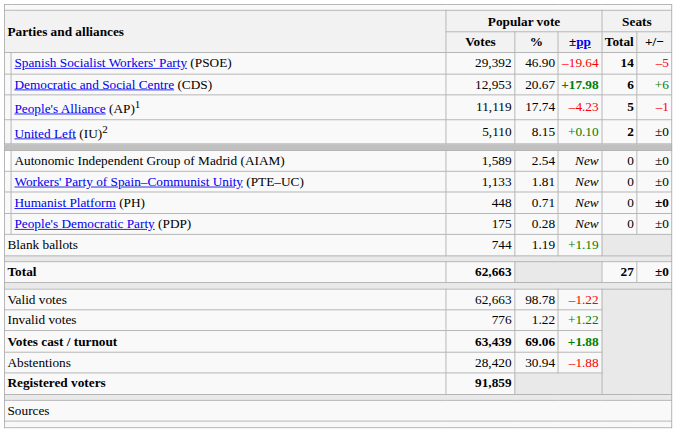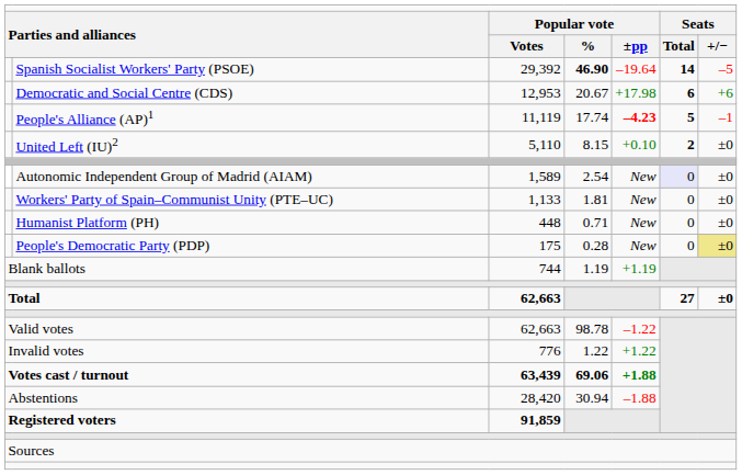 <table class="wikitable" style="text-align:right;">
 <tr>
 <td colspan="7"></td>
 </tr>
 <tr>
 <th style="text-align:left;" rowspan="2" colspan="2" width="525">Parties and alliances</th>
 <th colspan="3">Popular vote</th>
 <th colspan="2">Seats</th>
 </tr>
 <tr>
 <th width="75">Votes</th>
 <th width="45">%</th>
 <th width="45">±<a href='#'>pp</a></th>
 <th width="35">Total</th>
 <th width="35">+/−</th>
 </tr>
 <tr>
 <td width="1" style="color:inherit;background:"></td>
 <td align="left"><a href='#'>Spanish Socialist Workers' Party</a> (PSOE)</td>
 <td>29,392</td>
-<td>46.90</td>
+<td><strong>46.90</strong></td>
 <td style="color:red;">–19.64</td>
 <td><strong>14</strong></td>
 <td style="color:red;">–5</td>
 </tr>
 <tr>
 <td style="color:inherit;background:"></td>
 <td align="left"><a href='#'>Democratic and Social Centre</a> (CDS)</td>
 <td>12,953</td>
 <td>20.67</td>
-<td style="color:green;"><strong>+17.98</strong></td>
+<td style="color:green;">+17.98</td>
 <td><strong>6</strong></td>
 <td style="color:green;">+6</td>
 </tr>
 <tr>
 <td style="color:inherit;background:"></td>
 <td align="left"><a href='#'>People's Alliance</a> (AP)<sup>1</sup></td>
 <td>11,119</td>
 <td>17.74</td>
-<td style="color:red;">–4.23</td>
+<td style="color:red;"><strong>–4.23</strong></td>
 <td><strong>5</strong></td>
 <td style="color:red;">–1</td>
 </tr>
 <tr>
 <td style="color:inherit;background:"></td>
 <td align="left"><a href='#'>United Left</a> (IU)<sup>2</sup></td>
 <td>5,110</td>
 <td>8.15</td>
 <td style="color:green;">+0.10</td>
 <td><strong>2</strong></td>
 <td>±0</td>
 </tr>
 <tr>
 <td colspan="7" bgcolor="#C0C0C0"></td>
 </tr>
 <tr>
 <td bgcolor="white"></td>
 <td align="left">Autonomic Independent Group of Madrid (AIAM)</td>
 <td>1,589</td>
 <td>2.54</td>
 <td><em>New</em></td>
-<td>0</td>
+<td style="background: lavender;">0</td>
 <td>±0</td>
 </tr>
 <tr>
 <td style="color:inherit;background:"></td>
 <td align="left"><a href='#'>Workers' Party of Spain–Communist Unity</a> (PTE–UC)</td>
 <td>1,133</td>
 <td>1.81</td>
 <td><em>New</em></td>
 <td>0</td>
 <td>±0</td>
 </tr>
 <tr>
 <td style="color:inherit;background:"></td>
 <td align="left"><a href='#'>Humanist Platform</a> (PH)</td>
 <td>448</td>
 <td>0.71</td>
 <td><em>New</em></td>
 <td>0</td>
-<td><strong>±0</strong></td>
+<td>±0</td>
 </tr>
 <tr>
 <td style="color:inherit;background:"></td>
 <td align="left"><a href='#'>People's Democratic Party</a> (PDP)</td>
 <td>175</td>
 <td>0.28</td>
 <td><em>New</em></td>
 <td>0</td>
-<td>±0</td>
+<td style="background: khaki;">±0</td>
 </tr>
 <tr>
 <td align="left" colspan="2">Blank ballots</td>
 <td>744</td>
 <td>1.19</td>
 <td style="color:green;">+1.19</td>
 <td bgcolor="#E9E9E9" colspan="2"></td>
 </tr>
 <tr>
 <td colspan="7" bgcolor="#E9E9E9"></td>
 </tr>
 <tr style="font-weight:bold;">
 <td align="left" colspan="2">Total</td>
 <td>62,663</td>
 <td bgcolor="#E9E9E9" colspan="2"></td>
 <td>27</td>
 <td>±0</td>
 </tr>
 <tr>
 <td colspan="7" bgcolor="#E9E9E9"></td>
 </tr>
 <tr>
 <td align="left" colspan="2">Valid votes</td>
 <td>62,663</td>
 <td>98.78</td>
 <td style="color:red;">–1.22</td>
 <td bgcolor="#E9E9E9" colspan="2" rowspan="5"></td>
 </tr>
 <tr>
 <td align="left" colspan="2">Invalid votes</td>
 <td>776</td>
 <td>1.22</td>
 <td style="color:green;">+1.22</td>
 </tr>
 <tr style="font-weight:bold;">
 <td align="left" colspan="2">Votes cast / turnout</td>
 <td>63,439</td>
 <td>69.06</td>
 <td style="color:green;">+1.88</td>
 </tr>
 <tr>
 <td align="left" colspan="2">Abstentions</td>
 <td>28,420</td>
 <td>30.94</td>
 <td style="color:red;">–1.88</td>
 </tr>
 <tr style="font-weight:bold;">
 <td align="left" colspan="2">Registered voters</td>
 <td>91,859</td>
 <td bgcolor="#E9E9E9" colspan="2"></td>
 </tr>
 <tr>
 <td colspan="7" bgcolor="#E9E9E9"></td>
 </tr>
 <tr>
 <td align="left" colspan="7">Sources</td>
 </tr>
 <tr>
 <td colspan="7" style="text-align:left; max-width:790px;"></td>
 </tr>
 </table>
